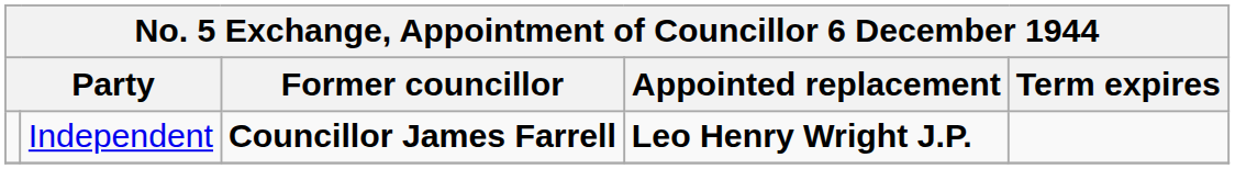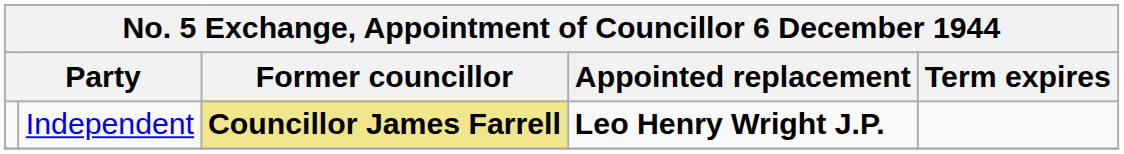 <table class="wikitable">
 <tr>
 <th colspan="5"><strong>No. 5 Exchange, Appointment of Councillor 6 December 1944</strong></th>
 </tr>
 <tr>
 <th colspan="2">Party</th>
 <th>Former councillor</th>
 <th>Appointed replacement</th>
 <th>Term expires</th>
 </tr>
 <tr>
 <td style="background-color:"></td>
 <td><a href='#'>Independent</a></td>
-<td><strong>Councillor James Farrell</strong></td>
+<td style="background: khaki;"><strong>Councillor James Farrell</strong></td>
 <td><strong>Leo Henry Wright J.P.</strong></td>
 <td></td>
 </tr>
 <tr>
 </tr>
 </table>
